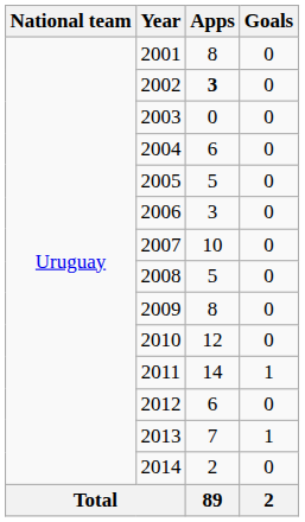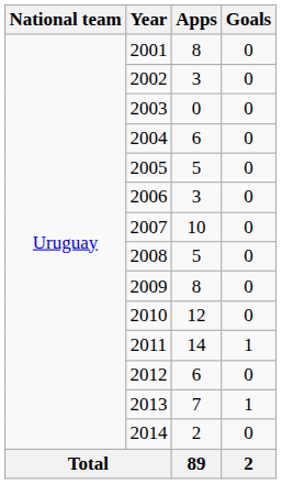 <table class=wikitable style=text-align:center>
 <tr>
 <th>National team</th>
 <th>Year</th>
 <th>Apps</th>
 <th>Goals</th>
 </tr>
 <tr>
 <td rowspan=14><a href='#'>Uruguay</a></td>
 <td>2001</td>
 <td>8</td>
 <td>0</td>
 </tr>
 <tr>
 <td>2002</td>
-<td><strong>3</strong></td>
+<td>3</td>
 <td>0</td>
 </tr>
 <tr>
 <td>2003</td>
 <td>0</td>
 <td>0</td>
 </tr>
 <tr>
 <td>2004</td>
 <td>6</td>
 <td>0</td>
 </tr>
 <tr>
 <td>2005</td>
 <td>5</td>
 <td>0</td>
 </tr>
 <tr>
 <td>2006</td>
 <td>3</td>
 <td>0</td>
 </tr>
 <tr>
 <td>2007</td>
 <td>10</td>
 <td>0</td>
 </tr>
 <tr>
 <td>2008</td>
 <td>5</td>
 <td>0</td>
 </tr>
 <tr>
 <td>2009</td>
 <td>8</td>
 <td>0</td>
 </tr>
 <tr>
 <td>2010</td>
 <td>12</td>
 <td>0</td>
 </tr>
 <tr>
 <td>2011</td>
 <td>14</td>
 <td>1</td>
 </tr>
 <tr>
 <td>2012</td>
 <td>6</td>
 <td>0</td>
 </tr>
 <tr>
 <td>2013</td>
 <td>7</td>
 <td>1</td>
 </tr>
 <tr>
 <td>2014</td>
 <td>2</td>
 <td>0</td>
 </tr>
 <tr>
 <th colspan=2>Total</th>
 <th>89</th>
 <th>2</th>
 </tr>
 </table>
